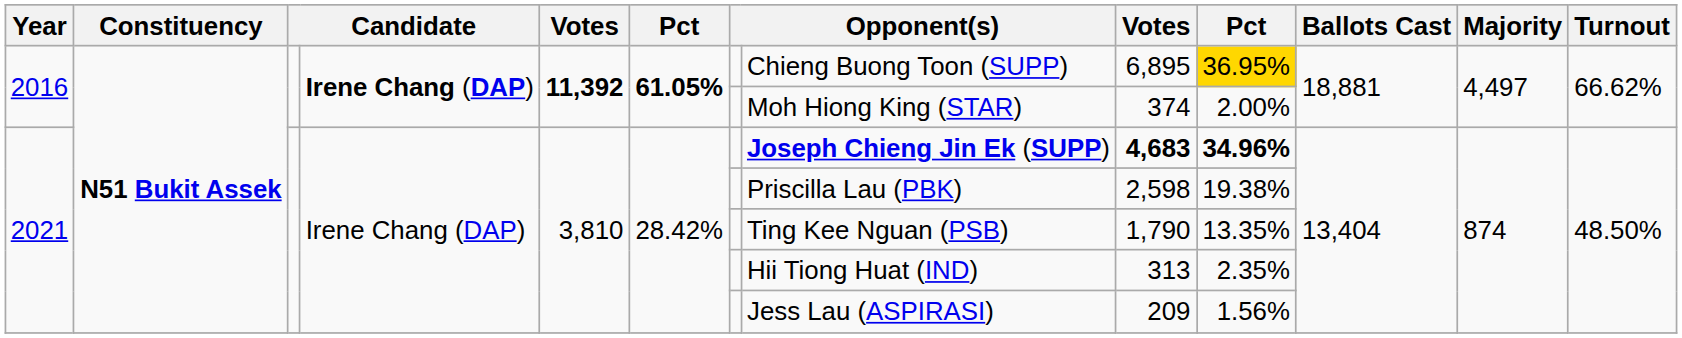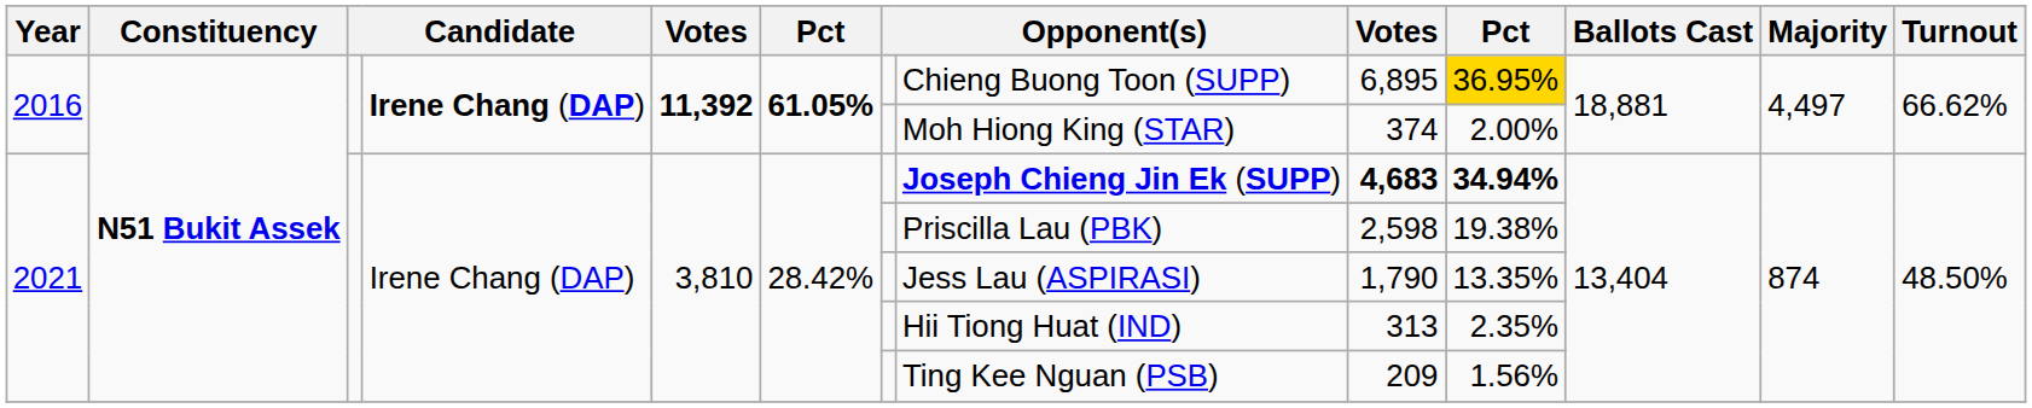 <table class="wikitable" style="margin:0.5em ; font-size:95%">
 <tr>
 <th>Year</th>
 <th>Constituency</th>
 <th colspan="2">Candidate</th>
 <th>Votes</th>
 <th>Pct</th>
 <th colspan="2">Opponent(s)</th>
 <th>Votes</th>
 <th>Pct</th>
 <th>Ballots Cast</th>
 <th>Majority</th>
 <th>Turnout</th>
 </tr>
 <tr>
 <td rowspan="2"><a href='#'>2016</a></td>
 <td rowspan="7"><strong>N51 <a href='#'>Bukit Assek</a></strong></td>
 <td rowspan="2" ></td>
 <td rowspan="2"><strong>Irene Chang</strong> (<a href='#'><strong>DAP</strong></a>)</td>
 <td rowspan="2" align=right><strong>11,392</strong></td>
 <td rowspan="2"><strong>61.05%</strong></td>
 <td></td>
 <td>Chieng Buong Toon (<a href='#'>SUPP</a>)</td>
 <td align=right>6,895</td>
 <td style="background: gold;">36.95%</td>
 <td rowspan="2">18,881</td>
 <td rowspan="2">4,497</td>
 <td rowspan="2">66.62%</td>
 </tr>
 <tr>
 <td></td>
 <td>Moh Hiong King (<a href='#'>STAR</a>)</td>
 <td align=right>374</td>
 <td align=right>2.00%</td>
 </tr>
 <tr>
 <td rowspan="5"><a href='#'>2021</a></td>
 <td rowspan="5" ></td>
 <td rowspan="5">Irene Chang (<a href='#'>DAP</a>)</td>
 <td rowspan="5"  align=right>3,810</td>
 <td rowspan="5">28.42%</td>
 <td></td>
 <td><strong><a href='#'>Joseph Chieng Jin Ek</a></strong> (<a href='#'><strong>SUPP</strong></a>)</td>
 <td align=right><strong>4,683</strong></td>
-<td><strong>34.96%</strong></td>
+<td><strong>34.94%</strong></td>
 <td rowspan="5">13,404</td>
 <td rowspan="5">874</td>
 <td rowspan="5">48.50%</td>
 </tr>
 <tr>
 <td bgcolor=></td>
 <td>Priscilla Lau (<a href='#'>PBK</a>)</td>
 <td align=right>2,598</td>
 <td>19.38%</td>
 </tr>
 <tr>
 <td bgcolor=></td>
-<td>Ting Kee Nguan (<a href='#'>PSB</a>)</td>
+<td>Jess Lau (<a href='#'>ASPIRASI</a>)</td>
 <td align=right>1,790</td>
 <td>13.35%</td>
 </tr>
 <tr>
 <td></td>
 <td>Hii Tiong Huat (<a href='#'>IND</a>)</td>
 <td align=right>313</td>
 <td align=right>2.35%</td>
 </tr>
 <tr>
 <td></td>
-<td>Jess Lau (<a href='#'>ASPIRASI</a>)</td>
+<td>Ting Kee Nguan (<a href='#'>PSB</a>)</td>
 <td align=right>209</td>
 <td align=right>1.56%</td>
 </tr>
 </table>
